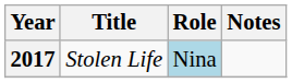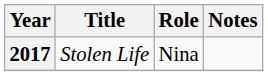 <table class="wikitable plainrowheaders sortable">
 <tr>
 <th scope="col">Year</th>
 <th scope="col">Title</th>
 <th scope="col">Role</th>
 <th scope="col" class="unsortable">Notes</th>
 </tr>
 <tr>
 <th scope="row">2017</th>
 <td><em>Stolen Life</em></td>
-<td style="background: lightblue;">Nina</td>
+<td>Nina</td>
 <td></td>
 </tr>
 <tr>
 </tr>
 </table>
